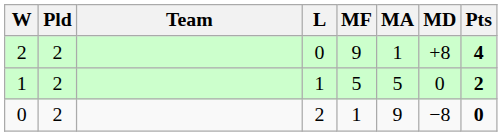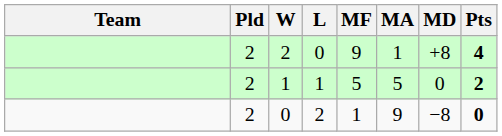 <table class=wikitable style="text-align:center">
 <tr>
+<th width=175>Team</th>
+<th width=20>Pld</th>
 <th width=20>W</th>
-<th width=20>Pld</th>
-<th width=175>Team</th>
 <th width=20>L</th>
 <th width=20>MF</th>
 <th width=20>MA</th>
 <th width=20>MD</th>
 <th width=20>Pts</th>
 </tr>
 <tr bgcolor=ccffcc>
+<td align=left></td>
 <td>2</td>
 <td>2</td>
-<td align=left></td>
 <td>0</td>
 <td>9</td>
 <td>1</td>
 <td>+8</td>
 <td><strong>4</strong></td>
 </tr>
 <tr bgcolor=ccffcc>
+<td align=left></td>
+<td>2</td>
 <td>1</td>
-<td>2</td>
-<td align=left></td>
 <td>1</td>
 <td>5</td>
 <td>5</td>
 <td>0</td>
 <td><strong>2</strong></td>
 </tr>
 <tr>
+<td align=left></td>
+<td>2</td>
 <td>0</td>
-<td>2</td>
-<td align=left></td>
 <td>2</td>
 <td>1</td>
 <td>9</td>
 <td>−8</td>
 <td><strong>0</strong></td>
 </tr>
 </table>
